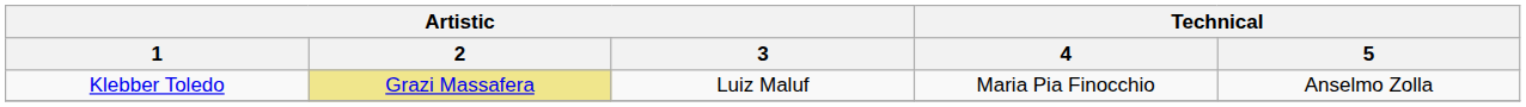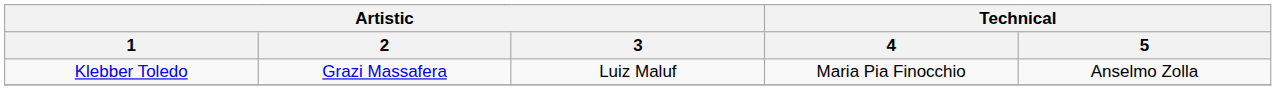 <table class="wikitable" style="font-size:90%; line-height:16px; text-align:center" width="85%">
 <tr>
 <th colspan=3>Artistic</th>
 <th colspan=2>Technical</th>
 </tr>
 <tr>
 <th>1</th>
 <th>2</th>
 <th>3</th>
 <th>4</th>
 <th>5</th>
 </tr>
 <tr>
 <td width=150><a href='#'>Klebber Toledo</a></td>
-<td width=150 style="background: khaki;"><a href='#'>Grazi Massafera</a></td>
+<td width=150><a href='#'>Grazi Massafera</a></td>
 <td width=150>Luiz Maluf</td>
 <td width=150>Maria Pia Finocchio</td>
 <td width=150>Anselmo Zolla</td>
 </tr>
 <tr>
 </tr>
 </table>
